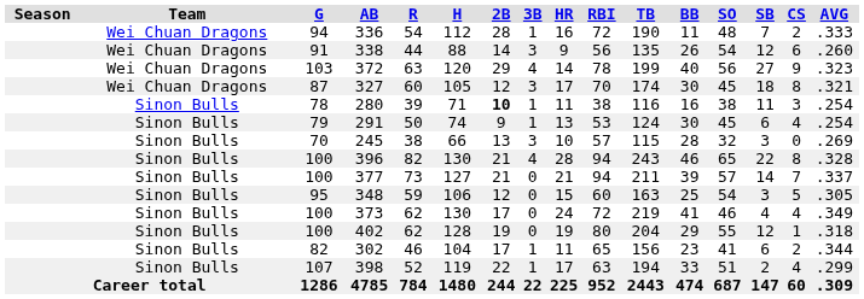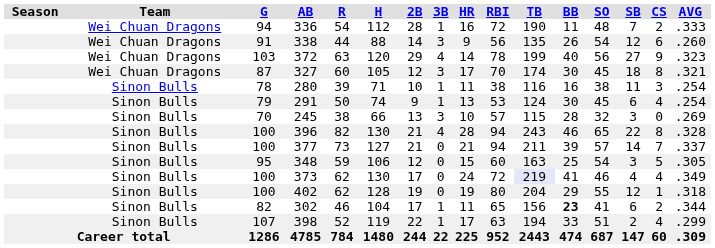 <table border="0" cellpadding="0" cellspacing="0"  style="width:80%; text-align:center;">
 <tr style="background:#e0e0e0;">
 <th>Season</th>
 <th>Team</th>
 <th><a href='#'>G</a></th>
 <th><a href='#'>AB</a></th>
 <th><a href='#'>R</a></th>
 <th><a href='#'>H</a></th>
 <th><a href='#'>2B</a></th>
 <th><a href='#'>3B</a></th>
 <th><a href='#'>HR</a></th>
 <th><a href='#'>RBI</a></th>
 <th><a href='#'>TB</a></th>
 <th><a href='#'>BB</a></th>
 <th><a href='#'>SO</a></th>
 <th><a href='#'>SB</a></th>
 <th><a href='#'>CS</a></th>
 <th><a href='#'>AVG</a></th>
 </tr>
 <tr>
 <td></td>
 <td><a href='#'>Wei Chuan Dragons</a></td>
 <td>94</td>
 <td>336</td>
 <td>54</td>
 <td>112</td>
 <td>28</td>
 <td>1</td>
 <td>16</td>
 <td>72</td>
 <td>190</td>
 <td>11</td>
 <td>48</td>
 <td>7</td>
 <td>2</td>
 <td>.333</td>
 </tr>
 <tr style="background:#f0f0f0;">
 <td></td>
 <td>Wei Chuan Dragons</td>
 <td>91</td>
 <td>338</td>
 <td>44</td>
 <td>88</td>
 <td>14</td>
 <td>3</td>
 <td>9</td>
 <td>56</td>
 <td>135</td>
 <td>26</td>
 <td>54</td>
 <td>12</td>
 <td>6</td>
 <td>.260</td>
 </tr>
 <tr>
 <td></td>
 <td>Wei Chuan Dragons</td>
 <td>103</td>
 <td>372</td>
 <td>63</td>
 <td>120</td>
 <td>29</td>
 <td>4</td>
 <td>14</td>
 <td>78</td>
 <td>199</td>
 <td>40</td>
 <td>56</td>
 <td>27</td>
 <td>9</td>
 <td>.323</td>
 </tr>
 <tr style="background:#f0f0f0;">
 <td></td>
 <td>Wei Chuan Dragons</td>
 <td>87</td>
 <td>327</td>
 <td>60</td>
 <td>105</td>
 <td>12</td>
 <td>3</td>
 <td>17</td>
 <td>70</td>
 <td>174</td>
 <td>30</td>
 <td>45</td>
 <td>18</td>
 <td>8</td>
 <td>.321</td>
 </tr>
 <tr>
 <td></td>
 <td><a href='#'>Sinon Bulls</a></td>
 <td>78</td>
 <td>280</td>
 <td>39</td>
 <td>71</td>
-<td><strong>10</strong></td>
+<td>10</td>
 <td>1</td>
 <td>11</td>
 <td>38</td>
 <td>116</td>
 <td>16</td>
 <td>38</td>
 <td>11</td>
 <td>3</td>
 <td>.254</td>
 </tr>
 <tr style="background:#f0f0f0;">
 <td></td>
 <td>Sinon Bulls</td>
 <td>79</td>
 <td>291</td>
 <td>50</td>
 <td>74</td>
 <td>9</td>
 <td>1</td>
 <td>13</td>
 <td>53</td>
 <td>124</td>
 <td>30</td>
 <td>45</td>
 <td>6</td>
 <td>4</td>
 <td>.254</td>
 </tr>
 <tr>
 <td></td>
 <td>Sinon Bulls</td>
 <td>70</td>
 <td>245</td>
 <td>38</td>
 <td>66</td>
 <td>13</td>
 <td>3</td>
 <td>10</td>
 <td>57</td>
 <td>115</td>
 <td>28</td>
 <td>32</td>
 <td>3</td>
 <td>0</td>
 <td>.269</td>
 </tr>
 <tr style="background:#f0f0f0;">
 <td></td>
 <td>Sinon Bulls</td>
 <td>100</td>
 <td>396</td>
 <td>82</td>
 <td>130</td>
 <td>21</td>
 <td>4</td>
 <td>28</td>
 <td>94</td>
 <td>243</td>
 <td>46</td>
 <td>65</td>
 <td>22</td>
 <td>8</td>
 <td>.328</td>
 </tr>
 <tr>
 <td></td>
 <td>Sinon Bulls</td>
 <td>100</td>
 <td>377</td>
 <td>73</td>
 <td>127</td>
 <td>21</td>
 <td>0</td>
 <td>21</td>
 <td>94</td>
 <td>211</td>
 <td>39</td>
 <td>57</td>
 <td>14</td>
 <td>7</td>
 <td>.337</td>
 </tr>
 <tr style="background:#f0f0f0;">
 <td></td>
 <td>Sinon Bulls</td>
 <td>95</td>
 <td>348</td>
 <td>59</td>
 <td>106</td>
 <td>12</td>
 <td>0</td>
 <td>15</td>
 <td>60</td>
 <td>163</td>
 <td>25</td>
 <td>54</td>
 <td>3</td>
 <td>5</td>
 <td>.305</td>
 </tr>
 <tr>
 <td></td>
 <td>Sinon Bulls</td>
 <td>100</td>
 <td>373</td>
 <td>62</td>
 <td>130</td>
 <td>17</td>
 <td>0</td>
 <td>24</td>
 <td>72</td>
-<td>219</td>
+<td style="background: lavender;">219</td>
 <td>41</td>
 <td>46</td>
 <td>4</td>
 <td>4</td>
 <td>.349</td>
 </tr>
 <tr style="background:#f0f0f0;">
 <td></td>
 <td>Sinon Bulls</td>
 <td>100</td>
 <td>402</td>
 <td>62</td>
 <td>128</td>
 <td>19</td>
 <td>0</td>
 <td>19</td>
 <td>80</td>
 <td>204</td>
 <td>29</td>
 <td>55</td>
 <td>12</td>
 <td>1</td>
 <td>.318</td>
 </tr>
 <tr>
 <td></td>
 <td>Sinon Bulls</td>
 <td>82</td>
 <td>302</td>
 <td>46</td>
 <td>104</td>
 <td>17</td>
 <td>1</td>
 <td>11</td>
 <td>65</td>
 <td>156</td>
-<td>23</td>
+<td><strong>23</strong></td>
 <td>41</td>
 <td>6</td>
 <td>2</td>
 <td>.344</td>
 </tr>
 <tr style="background:#f0f0f0;">
 <td></td>
 <td>Sinon Bulls</td>
 <td>107</td>
 <td>398</td>
 <td>52</td>
 <td>119</td>
 <td>22</td>
 <td>1</td>
 <td>17</td>
 <td>63</td>
 <td>194</td>
 <td>33</td>
 <td>51</td>
 <td>2</td>
 <td>4</td>
 <td>.299</td>
 </tr>
 <tr style="background:#f0f0f0;">
 <td colspan="2"><strong>Career total</strong></td>
 <td><strong>1286</strong></td>
 <td><strong>4785</strong></td>
 <td><strong>784</strong></td>
 <td><strong>1480</strong></td>
 <td><strong>244</strong></td>
 <td><strong>22</strong></td>
 <td><strong>225</strong></td>
 <td><strong>952</strong></td>
 <td><strong>2443</strong></td>
 <td><strong>474</strong></td>
 <td><strong>687</strong></td>
 <td><strong>147</strong></td>
 <td><strong>60</strong></td>
 <td><strong>.309</strong></td>
 </tr>
 </table>
